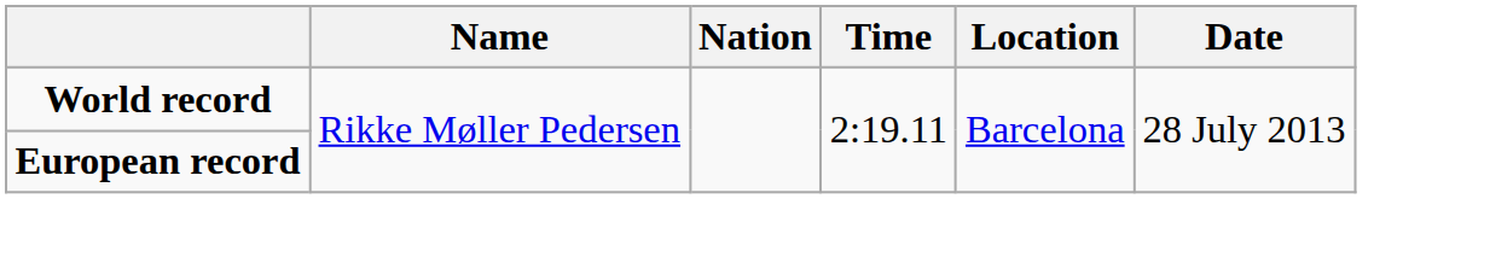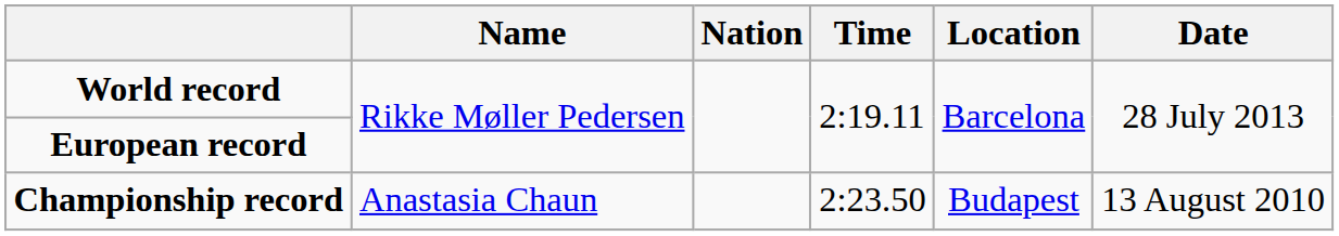 <table class=wikitable style=text-align:center>
 <tr>
 <th></th>
 <th>Name</th>
 <th>Nation</th>
 <th>Time</th>
 <th>Location</th>
 <th>Date</th>
 </tr>
 <tr>
 <td><strong>World record</strong></td>
 <td align=left rowspan=2><a href='#'>Rikke Møller Pedersen</a></td>
 <td align=left rowspan=2></td>
 <td align=left rowspan=2>2:19.11</td>
 <td rowspan=2><a href='#'>Barcelona</a></td>
 <td rowspan=2>28 July 2013</td>
 </tr>
 <tr>
 <td><strong>European record</strong></td>
 </tr>
+<tr>
+<td><strong>Championship record</strong></td>
+<td align=left><a href='#'>Anastasia Chaun</a></td>
+<td align=left></td>
+<td align=left>2:23.50</td>
+<td><a href='#'>Budapest</a></td>
+<td>13 August 2010</td>
+</tr>
 </table>
